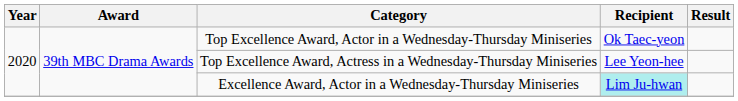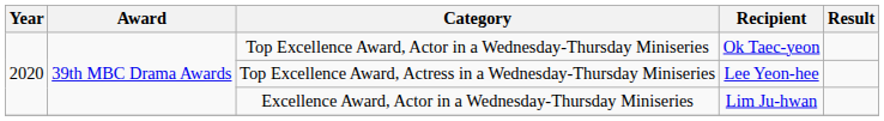 <table class="wikitable sortable plainrowheaders" style="text-align:center;">
 <tr>
 <th>Year</th>
 <th>Award</th>
 <th>Category</th>
 <th>Recipient</th>
 <th>Result</th>
 </tr>
 <tr>
 <td rowspan="3">2020</td>
 <td rowspan="3"><a href='#'>39th MBC Drama Awards</a></td>
 <td>Top Excellence Award, Actor in a Wednesday-Thursday Miniseries</td>
 <td><a href='#'>Ok Taec-yeon</a></td>
 <td></td>
 </tr>
 <tr>
 <td>Top Excellence Award, Actress in a Wednesday-Thursday Miniseries</td>
 <td><a href='#'>Lee Yeon-hee</a></td>
 <td></td>
 </tr>
 <tr>
 <td>Excellence Award, Actor in a Wednesday-Thursday Miniseries</td>
-<td style="background: paleturquoise;"><a href='#'>Lim Ju-hwan</a></td>
+<td><a href='#'>Lim Ju-hwan</a></td>
 <td></td>
 </tr>
 <tr>
 </tr>
 </table>
